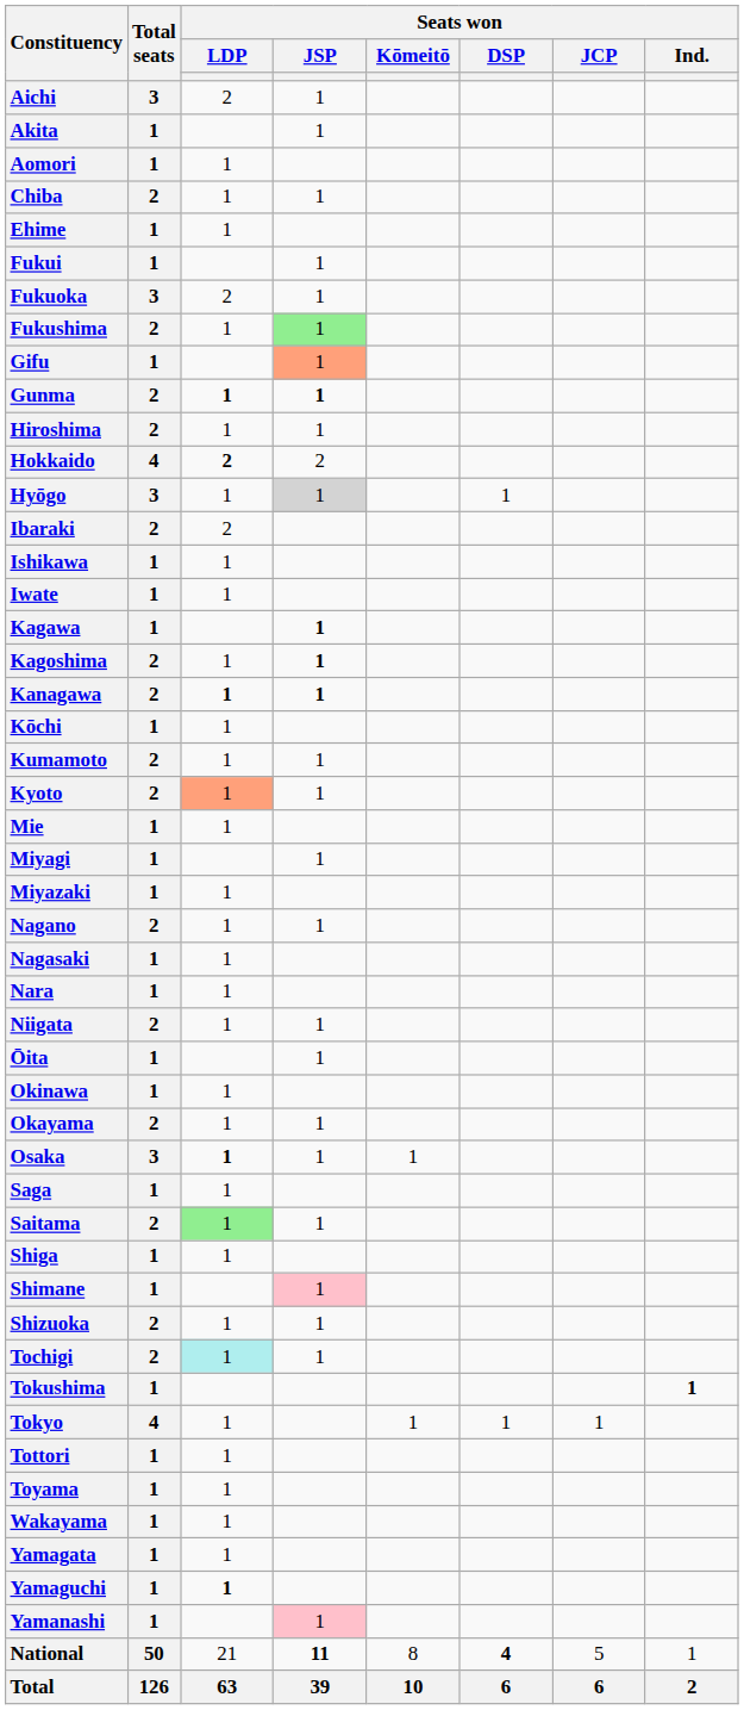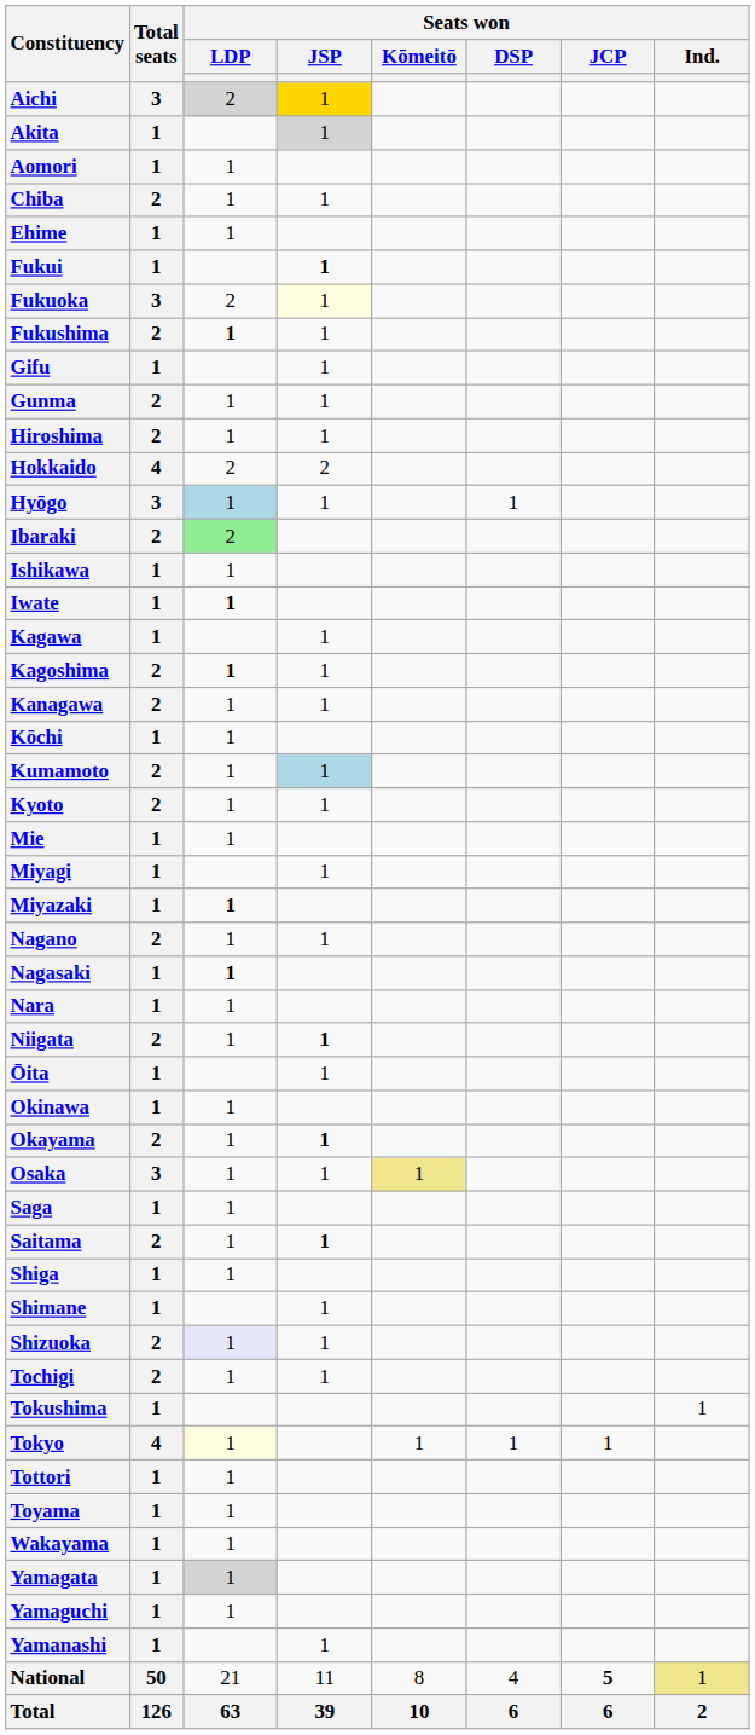 <table class="wikitable" style="text-align:center; font-size: 0.9em;">
 <tr>
 <th rowspan="3">Constituency</th>
 <th rowspan="3">Total<br>seats</th>
 <th colspan="6">Seats won</th>
 </tr>
 <tr>
 <th class="unsortable" style="width:60px;"><a href='#'>LDP</a></th>
 <th class="unsortable" style="width:60px;"><a href='#'>JSP</a></th>
 <th class="unsortable" style="width:60px;"><a href='#'>Kōmeitō</a></th>
 <th class="unsortable" style="width:60px;"><a href='#'>DSP</a></th>
 <th class="unsortable" style="width:60px;"><a href='#'>JCP</a></th>
 <th class="unsortable" style="width:60px;">Ind.</th>
 </tr>
 <tr>
 <th style="background:"></th>
 <th style="background:"></th>
 <th style="background:"></th>
 <th style="background:"></th>
 <th style="background:"></th>
 <th style="background:"></th>
 </tr>
 <tr>
 <th style="text-align: left;"><a href='#'>Aichi</a></th>
 <th>3</th>
-<td>2</td>
-<td>1</td>
+<td style="background: lightgrey;">2</td>
+<td style="background: gold;">1</td>
 <td></td>
 <td></td>
 <td></td>
 <td></td>
 </tr>
 <tr>
 <th style="text-align: left;"><a href='#'>Akita</a></th>
 <th>1</th>
 <td></td>
-<td>1</td>
+<td style="background: lightgrey;">1</td>
 <td></td>
 <td></td>
 <td></td>
 <td></td>
 </tr>
 <tr>
 <th style="text-align: left;"><a href='#'>Aomori</a></th>
 <th>1</th>
 <td>1</td>
 <td></td>
 <td></td>
 <td></td>
 <td></td>
 <td></td>
 </tr>
 <tr>
 <th style="text-align: left;"><a href='#'>Chiba</a></th>
 <th>2</th>
 <td>1</td>
 <td>1</td>
 <td></td>
 <td></td>
 <td></td>
 <td></td>
 </tr>
 <tr>
 <th style="text-align: left;"><a href='#'>Ehime</a></th>
 <th>1</th>
 <td>1</td>
 <td></td>
 <td></td>
 <td></td>
 <td></td>
 <td></td>
 </tr>
 <tr>
 <th style="text-align: left;"><a href='#'>Fukui</a></th>
 <th>1</th>
 <td></td>
-<td>1</td>
+<td><strong>1</strong></td>
 <td></td>
 <td></td>
 <td></td>
 <td></td>
 </tr>
 <tr>
 <th style="text-align: left;"><a href='#'>Fukuoka</a></th>
 <th>3</th>
 <td>2</td>
-<td>1</td>
+<td style="background: lightyellow;">1</td>
 <td></td>
 <td></td>
 <td></td>
 <td></td>
 </tr>
 <tr>
 <th style="text-align: left;"><a href='#'>Fukushima</a></th>
 <th>2</th>
+<td><strong>1</strong></td>
 <td>1</td>
-<td style="background: lightgreen;">1</td>
 <td></td>
 <td></td>
 <td></td>
 <td></td>
 </tr>
 <tr>
 <th style="text-align: left;"><a href='#'>Gifu</a></th>
 <th>1</th>
 <td></td>
-<td style="background: lightsalmon;">1</td>
+<td>1</td>
 <td></td>
 <td></td>
 <td></td>
 <td></td>
 </tr>
 <tr>
 <th style="text-align: left;"><a href='#'>Gunma</a></th>
 <th>2</th>
-<td><strong>1</strong></td>
-<td><strong>1</strong></td>
+<td>1</td>
+<td>1</td>
 <td></td>
 <td></td>
 <td></td>
 <td></td>
 </tr>
 <tr>
 <th style="text-align: left;"><a href='#'>Hiroshima</a></th>
 <th>2</th>
 <td>1</td>
 <td>1</td>
 <td></td>
 <td></td>
 <td></td>
 <td></td>
 </tr>
 <tr>
 <th style="text-align: left;"><a href='#'>Hokkaido</a></th>
 <th>4</th>
-<td><strong>2</strong></td>
+<td>2</td>
 <td>2</td>
 <td></td>
 <td></td>
 <td></td>
 <td></td>
 </tr>
 <tr>
 <th style="text-align: left;"><a href='#'>Hyōgo</a></th>
 <th>3</th>
+<td style="background: lightblue;">1</td>
 <td>1</td>
-<td style="background: lightgrey;">1</td>
 <td></td>
 <td>1</td>
 <td></td>
 <td></td>
 </tr>
 <tr>
 <th style="text-align: left;"><a href='#'>Ibaraki</a></th>
 <th>2</th>
-<td>2</td>
+<td style="background: lightgreen;">2</td>
 <td></td>
 <td></td>
 <td></td>
 <td></td>
 <td></td>
 </tr>
 <tr>
 <th style="text-align: left;"><a href='#'>Ishikawa</a></th>
 <th>1</th>
 <td>1</td>
 <td></td>
 <td></td>
 <td></td>
 <td></td>
 <td></td>
 </tr>
 <tr>
 <th style="text-align: left;"><a href='#'>Iwate</a></th>
 <th>1</th>
-<td>1</td>
+<td><strong>1</strong></td>
 <td></td>
 <td></td>
 <td></td>
 <td></td>
 <td></td>
 </tr>
 <tr>
 <th style="text-align: left;"><a href='#'>Kagawa</a></th>
 <th>1</th>
 <td></td>
-<td><strong>1</strong></td>
+<td>1</td>
 <td></td>
 <td></td>
 <td></td>
 <td></td>
 </tr>
 <tr>
 <th style="text-align: left;"><a href='#'>Kagoshima</a></th>
 <th>2</th>
+<td><strong>1</strong></td>
 <td>1</td>
-<td><strong>1</strong></td>
 <td></td>
 <td></td>
 <td></td>
 <td></td>
 </tr>
 <tr>
 <th style="text-align: left;"><a href='#'>Kanagawa</a></th>
 <th>2</th>
-<td><strong>1</strong></td>
-<td><strong>1</strong></td>
+<td>1</td>
+<td>1</td>
 <td></td>
 <td></td>
 <td></td>
 <td></td>
 </tr>
 <tr>
 <th style="text-align: left;"><a href='#'>Kōchi</a></th>
 <th>1</th>
 <td>1</td>
 <td></td>
 <td></td>
 <td></td>
 <td></td>
 <td></td>
 </tr>
 <tr>
 <th style="text-align: left;"><a href='#'>Kumamoto</a></th>
 <th>2</th>
 <td>1</td>
-<td>1</td>
+<td style="background: lightblue;">1</td>
 <td></td>
 <td></td>
 <td></td>
 <td></td>
 </tr>
 <tr>
 <th style="text-align: left;"><a href='#'>Kyoto</a></th>
 <th>2</th>
-<td style="background: lightsalmon;">1</td>
+<td>1</td>
 <td>1</td>
 <td></td>
 <td></td>
 <td></td>
 <td></td>
 </tr>
 <tr>
 <th style="text-align: left;"><a href='#'>Mie</a></th>
 <th>1</th>
 <td>1</td>
 <td></td>
 <td></td>
 <td></td>
 <td></td>
 <td></td>
 </tr>
 <tr>
 <th style="text-align: left;"><a href='#'>Miyagi</a></th>
 <th>1</th>
 <td></td>
 <td>1</td>
 <td></td>
 <td></td>
 <td></td>
 <td></td>
 </tr>
 <tr>
 <th style="text-align: left;"><a href='#'>Miyazaki</a></th>
 <th>1</th>
-<td>1</td>
+<td><strong>1</strong></td>
 <td></td>
 <td></td>
 <td></td>
 <td></td>
 <td></td>
 </tr>
 <tr>
 <th style="text-align: left;"><a href='#'>Nagano</a></th>
 <th>2</th>
 <td>1</td>
 <td>1</td>
 <td></td>
 <td></td>
 <td></td>
 <td></td>
 </tr>
 <tr>
 <th style="text-align: left;"><a href='#'>Nagasaki</a></th>
 <th>1</th>
-<td>1</td>
+<td><strong>1</strong></td>
 <td></td>
 <td></td>
 <td></td>
 <td></td>
 <td></td>
 </tr>
 <tr>
 <th style="text-align: left;"><a href='#'>Nara</a></th>
 <th>1</th>
 <td>1</td>
 <td></td>
 <td></td>
 <td></td>
 <td></td>
 <td></td>
 </tr>
 <tr>
 <th style="text-align: left;"><a href='#'>Niigata</a></th>
 <th>2</th>
 <td>1</td>
-<td>1</td>
+<td><strong>1</strong></td>
 <td></td>
 <td></td>
 <td></td>
 <td></td>
 </tr>
 <tr>
 <th style="text-align: left;"><a href='#'>Ōita</a></th>
 <th>1</th>
 <td></td>
 <td>1</td>
 <td></td>
 <td></td>
 <td></td>
 <td></td>
 </tr>
 <tr>
 <th style="text-align: left;"><a href='#'>Okinawa</a></th>
 <th>1</th>
 <td>1</td>
 <td></td>
 <td></td>
 <td></td>
 <td></td>
 <td></td>
 </tr>
 <tr>
 <th style="text-align: left;"><a href='#'>Okayama</a></th>
 <th>2</th>
 <td>1</td>
-<td>1</td>
+<td><strong>1</strong></td>
 <td></td>
 <td></td>
 <td></td>
 <td></td>
 </tr>
 <tr>
 <th style="text-align: left;"><a href='#'>Osaka</a></th>
 <th>3</th>
-<td><strong>1</strong></td>
 <td>1</td>
 <td>1</td>
+<td style="background: khaki;">1</td>
 <td></td>
 <td></td>
 <td></td>
 </tr>
 <tr>
 <th style="text-align: left;"><a href='#'>Saga</a></th>
 <th>1</th>
 <td>1</td>
 <td></td>
 <td></td>
 <td></td>
 <td></td>
 <td></td>
 </tr>
 <tr>
 <th style="text-align: left;"><a href='#'>Saitama</a></th>
 <th>2</th>
-<td style="background: lightgreen;">1</td>
 <td>1</td>
+<td><strong>1</strong></td>
 <td></td>
 <td></td>
 <td></td>
 <td></td>
 </tr>
 <tr>
 <th style="text-align: left;"><a href='#'>Shiga</a></th>
 <th>1</th>
 <td>1</td>
 <td></td>
 <td></td>
 <td></td>
 <td></td>
 <td></td>
 </tr>
 <tr>
 <th style="text-align: left;"><a href='#'>Shimane</a></th>
 <th>1</th>
 <td></td>
-<td style="background: pink;">1</td>
+<td>1</td>
 <td></td>
 <td></td>
 <td></td>
 <td></td>
 </tr>
 <tr>
 <th style="text-align: left;"><a href='#'>Shizuoka</a></th>
 <th>2</th>
-<td>1</td>
+<td style="background: lavender;">1</td>
 <td>1</td>
 <td></td>
 <td></td>
 <td></td>
 <td></td>
 </tr>
 <tr>
 <th style="text-align: left;"><a href='#'>Tochigi</a></th>
 <th>2</th>
-<td style="background: paleturquoise;">1</td>
+<td>1</td>
 <td>1</td>
 <td></td>
 <td></td>
 <td></td>
 <td></td>
 </tr>
 <tr>
 <th style="text-align: left;"><a href='#'>Tokushima</a></th>
 <th>1</th>
 <td></td>
 <td></td>
 <td></td>
 <td></td>
 <td></td>
-<td><strong>1</strong></td>
+<td>1</td>
 </tr>
 <tr>
 <th style="text-align: left;"><a href='#'>Tokyo</a></th>
 <th>4</th>
-<td>1</td>
+<td style="background: lightyellow;">1</td>
 <td></td>
 <td>1</td>
 <td>1</td>
 <td>1</td>
 <td></td>
 </tr>
 <tr>
 <th style="text-align: left;"><a href='#'>Tottori</a></th>
 <th>1</th>
 <td>1</td>
 <td></td>
 <td></td>
 <td></td>
 <td></td>
 <td></td>
 </tr>
 <tr>
 <th style="text-align: left;"><a href='#'>Toyama</a></th>
 <th>1</th>
 <td>1</td>
 <td></td>
 <td></td>
 <td></td>
 <td></td>
 <td></td>
 </tr>
 <tr>
 <th style="text-align: left;"><a href='#'>Wakayama</a></th>
 <th>1</th>
 <td>1</td>
 <td></td>
 <td></td>
 <td></td>
 <td></td>
 <td></td>
 </tr>
 <tr>
 <th style="text-align: left;"><a href='#'>Yamagata</a></th>
 <th>1</th>
-<td>1</td>
+<td style="background: lightgrey;">1</td>
 <td></td>
 <td></td>
 <td></td>
 <td></td>
 <td></td>
 </tr>
 <tr>
 <th style="text-align: left;"><a href='#'>Yamaguchi</a></th>
 <th>1</th>
-<td><strong>1</strong></td>
+<td>1</td>
 <td></td>
 <td></td>
 <td></td>
 <td></td>
 <td></td>
 </tr>
 <tr>
 <th style="text-align: left;"><a href='#'>Yamanashi</a></th>
 <th>1</th>
 <td></td>
-<td style="background: pink;">1</td>
+<td>1</td>
 <td></td>
 <td></td>
 <td></td>
 <td></td>
 </tr>
 <tr>
 <th style="text-align: left;">National</th>
 <th>50</th>
 <td>21</td>
-<td><strong>11</strong></td>
+<td>11</td>
 <td>8</td>
-<td><strong>4</strong></td>
-<td>5</td>
-<td>1</td>
+<td>4</td>
+<td><strong>5</strong></td>
+<td style="background: khaki;">1</td>
 </tr>
 <tr class="sortbottom">
 <th style="text-align: left;">Total</th>
 <th>126</th>
 <th>63</th>
 <th>39</th>
 <th>10</th>
 <th>6</th>
 <th>6</th>
 <th>2</th>
 </tr>
 </table>
